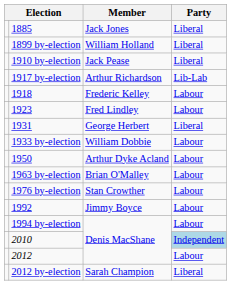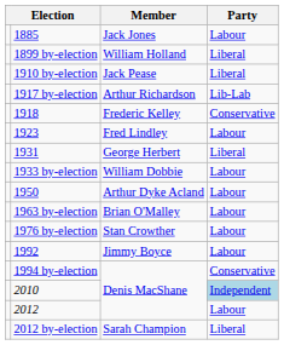 <table class="wikitable">
 <tr>
 <th colspan="2">Election</th>
 <th>Member</th>
 <th>Party</th>
 </tr>
 <tr>
 <td style="color:inherit;background-color: "></td>
 <td><a href='#'>1885</a></td>
 <td><a href='#'>Jack Jones</a></td>
-<td><a href='#'>Liberal</a></td>
+<td><a href='#'>Labour</a></td>
 </tr>
 <tr>
 <td style="color:inherit;background-color: "></td>
 <td><a href='#'>1899 by-election</a></td>
 <td><a href='#'>William Holland</a></td>
 <td><a href='#'>Liberal</a></td>
 </tr>
 <tr>
 <td style="color:inherit;background-color: "></td>
 <td><a href='#'>1910 by-election</a></td>
 <td><a href='#'>Jack Pease</a></td>
 <td><a href='#'>Liberal</a></td>
 </tr>
 <tr>
 <td style="color:inherit;background-color: "></td>
 <td><a href='#'>1917 by-election</a></td>
 <td><a href='#'>Arthur Richardson</a></td>
 <td><a href='#'>Lib-Lab</a></td>
 </tr>
 <tr>
 <td style="color:inherit;background-color: "></td>
 <td><a href='#'>1918</a></td>
 <td><a href='#'>Frederic Kelley</a></td>
-<td><a href='#'>Labour</a></td>
+<td><a href='#'>Conservative</a></td>
 </tr>
 <tr>
 <td style="color:inherit;background-color: "></td>
 <td><a href='#'>1923</a></td>
 <td><a href='#'>Fred Lindley</a></td>
 <td><a href='#'>Labour</a></td>
 </tr>
 <tr>
 <td style="color:inherit;background-color: "></td>
 <td><a href='#'>1931</a></td>
 <td><a href='#'>George Herbert</a></td>
 <td><a href='#'>Liberal</a></td>
 </tr>
 <tr>
 <td style="color:inherit;background-color: "></td>
 <td><a href='#'>1933 by-election</a></td>
 <td><a href='#'>William Dobbie</a></td>
 <td><a href='#'>Labour</a></td>
 </tr>
 <tr>
 <td style="color:inherit;background-color: "></td>
 <td><a href='#'>1950</a></td>
 <td><a href='#'>Arthur Dyke Acland</a></td>
 <td><a href='#'>Labour</a></td>
 </tr>
 <tr>
 <td style="color:inherit;background-color: "></td>
 <td><a href='#'>1963 by-election</a></td>
 <td><a href='#'>Brian O'Malley</a></td>
 <td><a href='#'>Labour</a></td>
 </tr>
 <tr>
 <td style="color:inherit;background-color: "></td>
 <td><a href='#'>1976 by-election</a></td>
 <td><a href='#'>Stan Crowther</a></td>
 <td><a href='#'>Labour</a></td>
 </tr>
 <tr>
 <td style="color:inherit;background-color: "></td>
 <td><a href='#'>1992</a></td>
 <td><a href='#'>Jimmy Boyce</a></td>
 <td><a href='#'>Labour</a></td>
 </tr>
 <tr>
 <td style="color:inherit;background-color: "></td>
 <td><a href='#'>1994 by-election</a></td>
 <td rowspan=3><a href='#'>Denis MacShane</a></td>
-<td><a href='#'>Labour</a></td>
+<td><a href='#'>Conservative</a></td>
 </tr>
 <tr>
 <td style="color:inherit;background-color: "></td>
 <td><em>2010</em></td>
 <td style="background: lightblue;"><a href='#'>Independent</a></td>
 </tr>
 <tr>
 <td style="color:inherit;background-color: "></td>
 <td><em>2012</em></td>
 <td><a href='#'>Labour</a></td>
 </tr>
 <tr>
 <td style="color:inherit;background-color: "></td>
 <td><a href='#'>2012 by-election</a></td>
 <td><a href='#'>Sarah Champion</a></td>
 <td><a href='#'>Liberal</a></td>
 </tr>
 </table>
